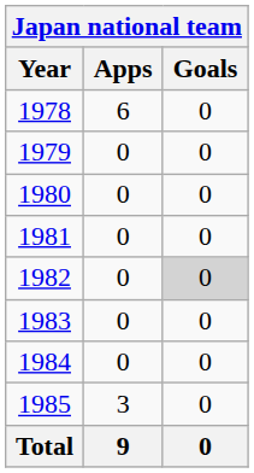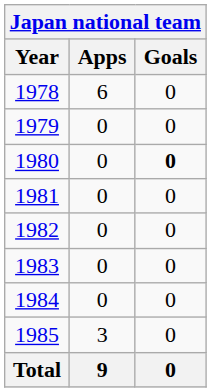 <table class="wikitable" style="text-align:center">
 <tr>
 <th colspan=3><a href='#'>Japan national team</a></th>
 </tr>
 <tr>
 <th>Year</th>
 <th>Apps</th>
 <th>Goals</th>
 </tr>
 <tr>
 <td><a href='#'>1978</a></td>
 <td>6</td>
 <td>0</td>
 </tr>
 <tr>
 <td><a href='#'>1979</a></td>
 <td>0</td>
 <td>0</td>
 </tr>
 <tr>
 <td><a href='#'>1980</a></td>
 <td>0</td>
-<td>0</td>
+<td><strong>0</strong></td>
 </tr>
 <tr>
 <td><a href='#'>1981</a></td>
 <td>0</td>
 <td>0</td>
 </tr>
 <tr>
 <td><a href='#'>1982</a></td>
 <td>0</td>
-<td style="background: lightgrey;">0</td>
+<td>0</td>
 </tr>
 <tr>
 <td><a href='#'>1983</a></td>
 <td>0</td>
 <td>0</td>
 </tr>
 <tr>
 <td><a href='#'>1984</a></td>
 <td>0</td>
 <td>0</td>
 </tr>
 <tr>
 <td><a href='#'>1985</a></td>
 <td>3</td>
 <td>0</td>
 </tr>
 <tr>
 <th>Total</th>
 <th>9</th>
 <th>0</th>
 </tr>
 </table>
